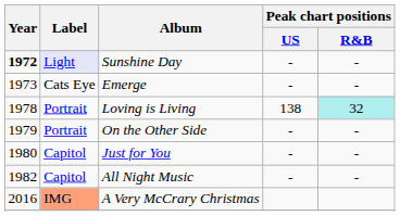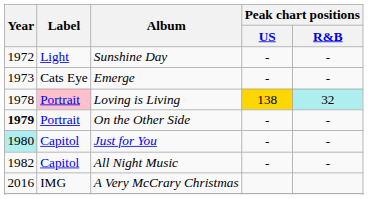 <table class="wikitable">
 <tr>
 <th rowspan="2">Year</th>
 <th rowspan="2">Label</th>
 <th rowspan="2">Album</th>
 <th colspan="2">Peak chart positions</th>
 </tr>
 <tr>
 <th><a href='#'>US</a></th>
 <th><a href='#'>R&B</a></th>
 </tr>
 <tr>
-<td><strong>1972</strong></td>
-<td style="background: lavender;"><a href='#'>Light</a></td>
+<td>1972</td>
+<td><a href='#'>Light</a></td>
 <td><em>Sunshine Day</em></td>
 <td align="center">-</td>
 <td align="center">-</td>
 </tr>
 <tr>
 <td>1973</td>
 <td>Cats Eye</td>
 <td><em>Emerge</em></td>
 <td align="center">-</td>
 <td align="center">-</td>
 </tr>
 <tr>
 <td>1978</td>
-<td><a href='#'>Portrait</a></td>
+<td style="background: pink;"><a href='#'>Portrait</a></td>
 <td><em>Loving is Living</em></td>
-<td align="center">138</td>
+<td align="center" style="background: gold;">138</td>
 <td align="center" style="background: paleturquoise;">32</td>
 </tr>
 <tr>
-<td>1979</td>
+<td><strong>1979</strong></td>
 <td><a href='#'>Portrait</a></td>
 <td><em>On the Other Side</em></td>
 <td align="center">-</td>
 <td align="center">-</td>
 </tr>
 <tr>
-<td>1980</td>
+<td style="background: paleturquoise;">1980</td>
 <td><a href='#'>Capitol</a></td>
 <td><em><a href='#'>Just for You</a></em></td>
 <td align="center">-</td>
 <td align="center">-</td>
 </tr>
 <tr>
 <td>1982</td>
 <td><a href='#'>Capitol</a></td>
 <td><em>All Night Music</em></td>
 <td align="center">-</td>
 <td align="center">-</td>
 </tr>
 <tr>
 <td>2016</td>
-<td style="background: lightsalmon;">IMG</td>
+<td>IMG</td>
 <td><em>A Very McCrary Christmas</em></td>
 <td></td>
 <td></td>
 </tr>
 <tr>
 </tr>
 <tr>
 </tr>
 </table>
